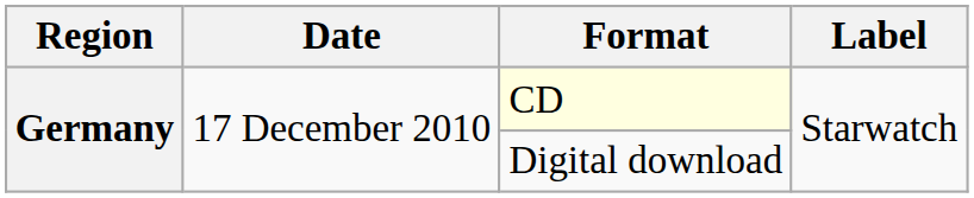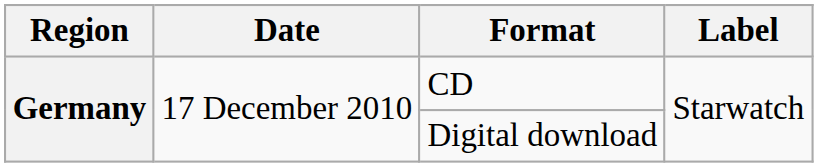 <table class="wikitable plainrowheaders unsortable">
 <tr>
 <th>Region</th>
 <th>Date</th>
 <th>Format</th>
 <th>Label</th>
 </tr>
 <tr>
 <th scope="row" rowspan="2">Germany</th>
 <td rowspan="2">17 December 2010</td>
-<td style="background: lightyellow;">CD</td>
+<td>CD</td>
 <td rowspan="2">Starwatch</td>
 </tr>
 <tr>
 <td>Digital download</td>
 </tr>
 </table>
